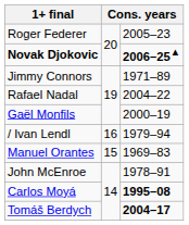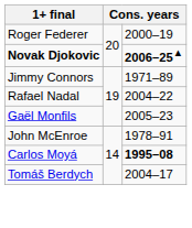 <table class="wikitable" style="display:inline-table;">
 <tr>
 <th>1+ final</th>
 <th colspan=2>Cons. years</th>
 </tr>
 <tr>
 <td> Roger Federer</td>
 <td rowspan=2>20</td>
-<td>2005–23</td>
+<td>2000–19</td>
 </tr>
 <tr>
 <td> <strong>Novak Djokovic</strong></td>
 <td><strong>2006–25</strong><sup>▲</sup></td>
 </tr>
 <tr>
 <td> Jimmy Connors</td>
 <td rowspan=3>19</td>
 <td>1971–89</td>
 </tr>
 <tr>
 <td> Rafael Nadal</td>
 <td>2004–22</td>
 </tr>
 <tr>
 <td> <a href='#'>Gaël Monfils</a></td>
-<td>2000–19</td>
-</tr>
-<tr>
-<td>/ Ivan Lendl</td>
-<td>16</td>
-<td>1979–94</td>
-</tr>
-<tr>
-<td> <a href='#'>Manuel Orantes</a></td>
-<td>15</td>
-<td>1969–83</td>
+<td>2005–23</td>
 </tr>
 <tr>
 <td> John McEnroe</td>
 <td rowspan=3>14</td>
 <td>1978–91</td>
 </tr>
 <tr>
 <td> <a href='#'>Carlos Moyá</a></td>
 <td><strong>1995–08</strong></td>
 </tr>
 <tr>
 <td> <a href='#'>Tomáš Berdych</a></td>
-<td><strong>2004–17</strong></td>
+<td>2004–17</td>
 </tr>
 </table>
